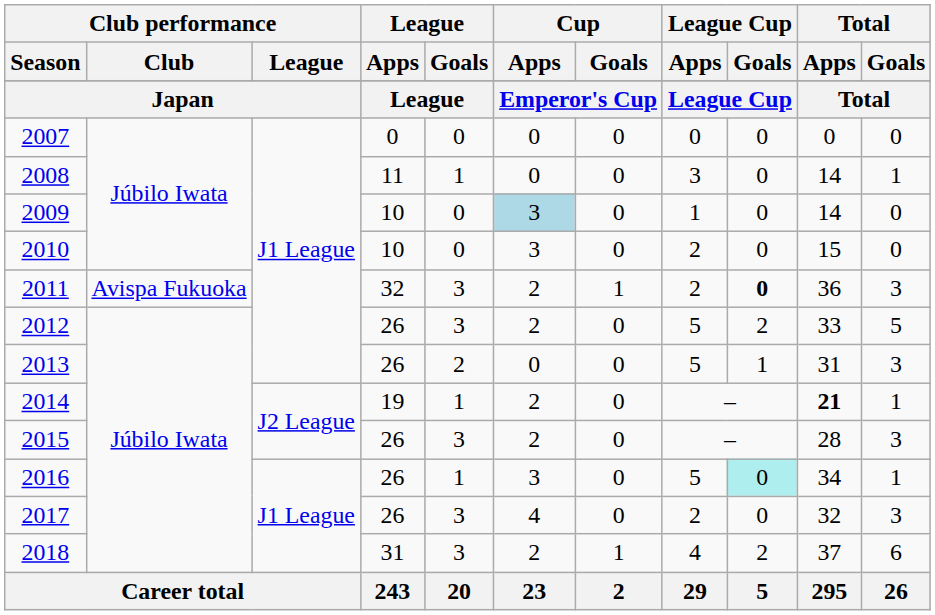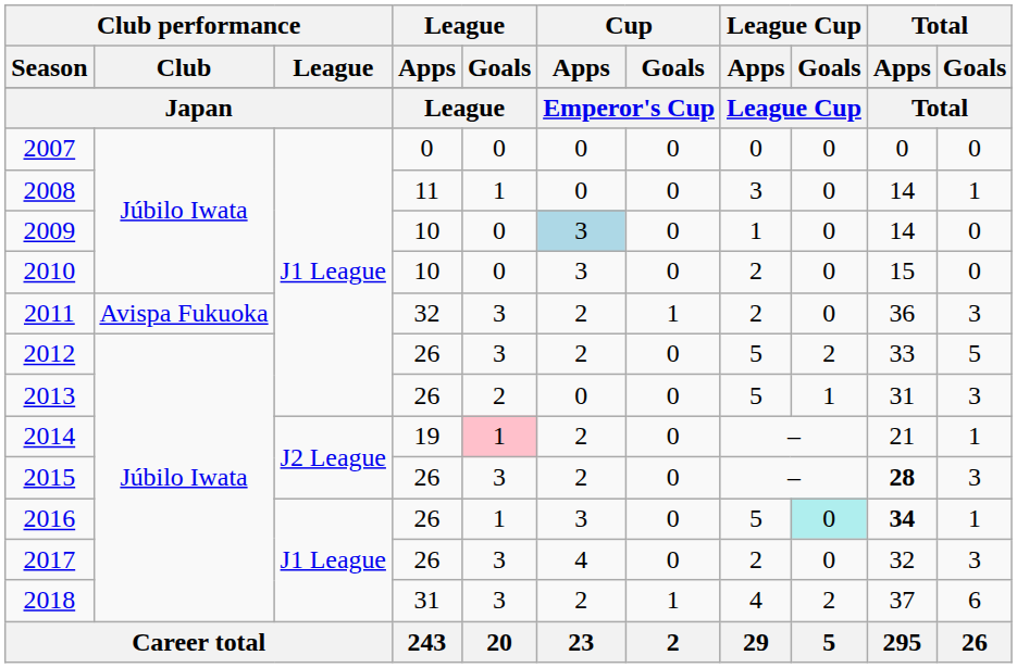 <table class="wikitable" style="text-align:center">
 <tr>
 <th colspan=3>Club performance</th>
 <th colspan=2>League</th>
 <th colspan=2>Cup</th>
 <th colspan=2>League Cup</th>
 <th colspan=2>Total</th>
 </tr>
 <tr>
 <th>Season</th>
 <th>Club</th>
 <th>League</th>
 <th>Apps</th>
 <th>Goals</th>
 <th>Apps</th>
 <th>Goals</th>
 <th>Apps</th>
 <th>Goals</th>
 <th>Apps</th>
 <th>Goals</th>
 </tr>
 <tr>
 </tr>
 <tr>
 <th colspan=3>Japan</th>
 <th colspan=2>League</th>
 <th colspan=2><a href='#'>Emperor's Cup</a></th>
 <th colspan=2><a href='#'>League Cup</a></th>
 <th colspan=2>Total</th>
 </tr>
 <tr>
 <td><a href='#'>2007</a></td>
 <td rowspan="4"><a href='#'>Júbilo Iwata</a></td>
 <td rowspan="7"><a href='#'>J1 League</a></td>
 <td>0</td>
 <td>0</td>
 <td>0</td>
 <td>0</td>
 <td>0</td>
 <td>0</td>
 <td>0</td>
 <td>0</td>
 </tr>
 <tr>
 <td><a href='#'>2008</a></td>
 <td>11</td>
 <td>1</td>
 <td>0</td>
 <td>0</td>
 <td>3</td>
 <td>0</td>
 <td>14</td>
 <td>1</td>
 </tr>
 <tr>
 <td><a href='#'>2009</a></td>
 <td>10</td>
 <td>0</td>
 <td style="background: lightblue;">3</td>
 <td>0</td>
 <td>1</td>
 <td>0</td>
 <td>14</td>
 <td>0</td>
 </tr>
 <tr>
 <td><a href='#'>2010</a></td>
 <td>10</td>
 <td>0</td>
 <td>3</td>
 <td>0</td>
 <td>2</td>
 <td>0</td>
 <td>15</td>
 <td>0</td>
 </tr>
 <tr>
 <td><a href='#'>2011</a></td>
 <td><a href='#'>Avispa Fukuoka</a></td>
 <td>32</td>
 <td>3</td>
 <td>2</td>
 <td>1</td>
 <td>2</td>
-<td><strong>0</strong></td>
+<td>0</td>
 <td>36</td>
 <td>3</td>
 </tr>
 <tr>
 <td><a href='#'>2012</a></td>
 <td rowspan="7"><a href='#'>Júbilo Iwata</a></td>
 <td>26</td>
 <td>3</td>
 <td>2</td>
 <td>0</td>
 <td>5</td>
 <td>2</td>
 <td>33</td>
 <td>5</td>
 </tr>
 <tr>
 <td><a href='#'>2013</a></td>
 <td>26</td>
 <td>2</td>
 <td>0</td>
 <td>0</td>
 <td>5</td>
 <td>1</td>
 <td>31</td>
 <td>3</td>
 </tr>
 <tr>
 <td><a href='#'>2014</a></td>
 <td rowspan="2"><a href='#'>J2 League</a></td>
 <td>19</td>
-<td>1</td>
+<td style="background: pink;">1</td>
 <td>2</td>
 <td>0</td>
 <td colspan="2">–</td>
-<td><strong>21</strong></td>
+<td>21</td>
 <td>1</td>
 </tr>
 <tr>
 <td><a href='#'>2015</a></td>
 <td>26</td>
 <td>3</td>
 <td>2</td>
 <td>0</td>
 <td colspan="2">–</td>
-<td>28</td>
+<td><strong>28</strong></td>
 <td>3</td>
 </tr>
 <tr>
 <td><a href='#'>2016</a></td>
 <td rowspan="3"><a href='#'>J1 League</a></td>
 <td>26</td>
 <td>1</td>
 <td>3</td>
 <td>0</td>
 <td>5</td>
 <td style="background: paleturquoise;">0</td>
-<td>34</td>
+<td><strong>34</strong></td>
 <td>1</td>
 </tr>
 <tr>
 <td><a href='#'>2017</a></td>
 <td>26</td>
 <td>3</td>
 <td>4</td>
 <td>0</td>
 <td>2</td>
 <td>0</td>
 <td>32</td>
 <td>3</td>
 </tr>
 <tr>
 <td><a href='#'>2018</a></td>
 <td>31</td>
 <td>3</td>
 <td>2</td>
 <td>1</td>
 <td>4</td>
 <td>2</td>
 <td>37</td>
 <td>6</td>
 </tr>
 <tr>
 <th colspan=3>Career total</th>
 <th>243</th>
 <th>20</th>
 <th>23</th>
 <th>2</th>
 <th>29</th>
 <th>5</th>
 <th>295</th>
 <th>26</th>
 </tr>
 </table>
